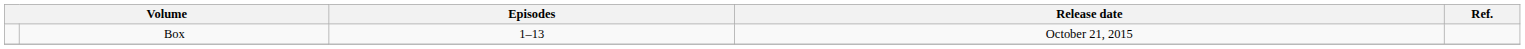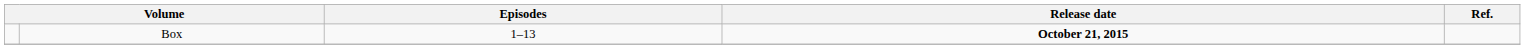 <table class="wikitable" style="text-align: center; width: 98%;">
 <tr>
 <th colspan="2">Volume</th>
 <th>Episodes</th>
 <th>Release date</th>
 <th width="5%">Ref.</th>
 </tr>
 <tr>
 <td width="1%"></td>
 <td>Box</td>
 <td>1–13</td>
-<td>October 21, 2015</td>
+<td><strong>October 21, 2015</strong></td>
 <td></td>
 </tr>
 <tr>
 </tr>
 </table>
